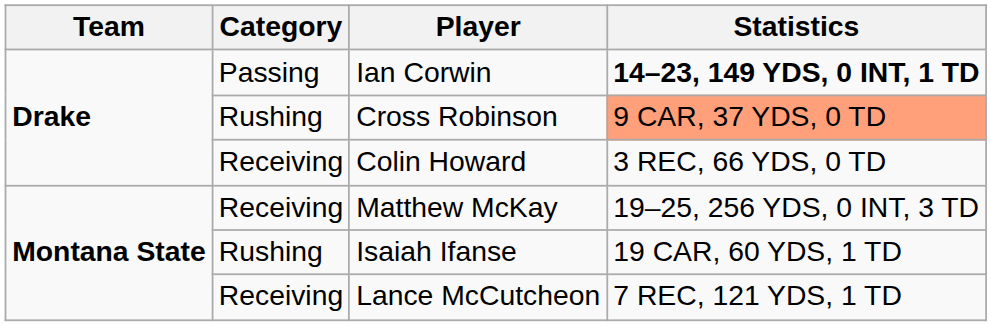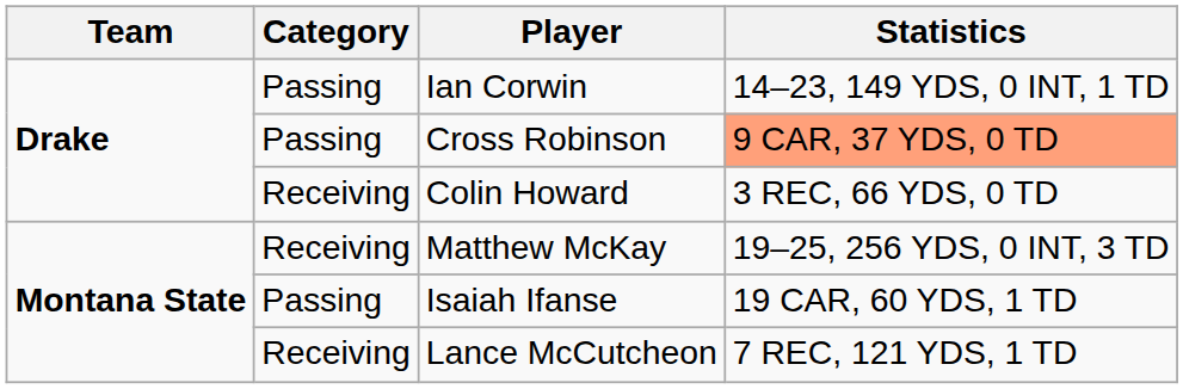 <table class="wikitable" style="float: right;">
 <tr>
 <th>Team</th>
 <th>Category</th>
 <th>Player</th>
 <th>Statistics</th>
 </tr>
 <tr>
 <td rowspan=3><strong>Drake</strong></td>
 <td>Passing</td>
 <td>Ian Corwin</td>
-<td><strong>14–23, 149 YDS,  0 INT, 1 TD</strong></td>
+<td>14–23, 149 YDS,  0 INT, 1 TD</td>
 </tr>
 <tr>
-<td>Rushing</td>
+<td>Passing</td>
 <td>Cross Robinson</td>
 <td style="background: lightsalmon;">9 CAR, 37 YDS, 0 TD</td>
 </tr>
 <tr>
 <td>Receiving</td>
 <td>Colin Howard</td>
 <td>3 REC, 66 YDS, 0 TD</td>
 </tr>
 <tr>
 <td rowspan=3><strong>Montana State</strong></td>
 <td>Receiving</td>
 <td>Matthew McKay</td>
 <td>19–25, 256 YDS, 0 INT, 3 TD</td>
 </tr>
 <tr>
-<td>Rushing</td>
+<td>Passing</td>
 <td>Isaiah Ifanse</td>
 <td>19 CAR, 60 YDS, 1 TD</td>
 </tr>
 <tr>
 <td>Receiving</td>
 <td>Lance McCutcheon</td>
 <td>7 REC, 121 YDS, 1 TD</td>
 </tr>
 </table>
